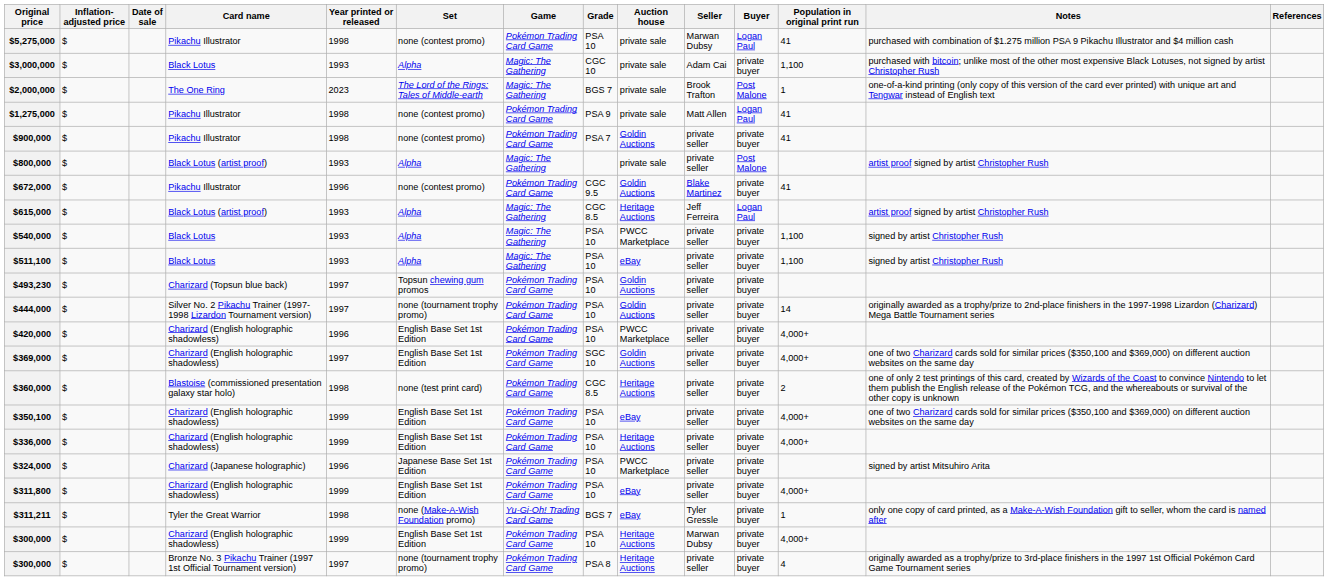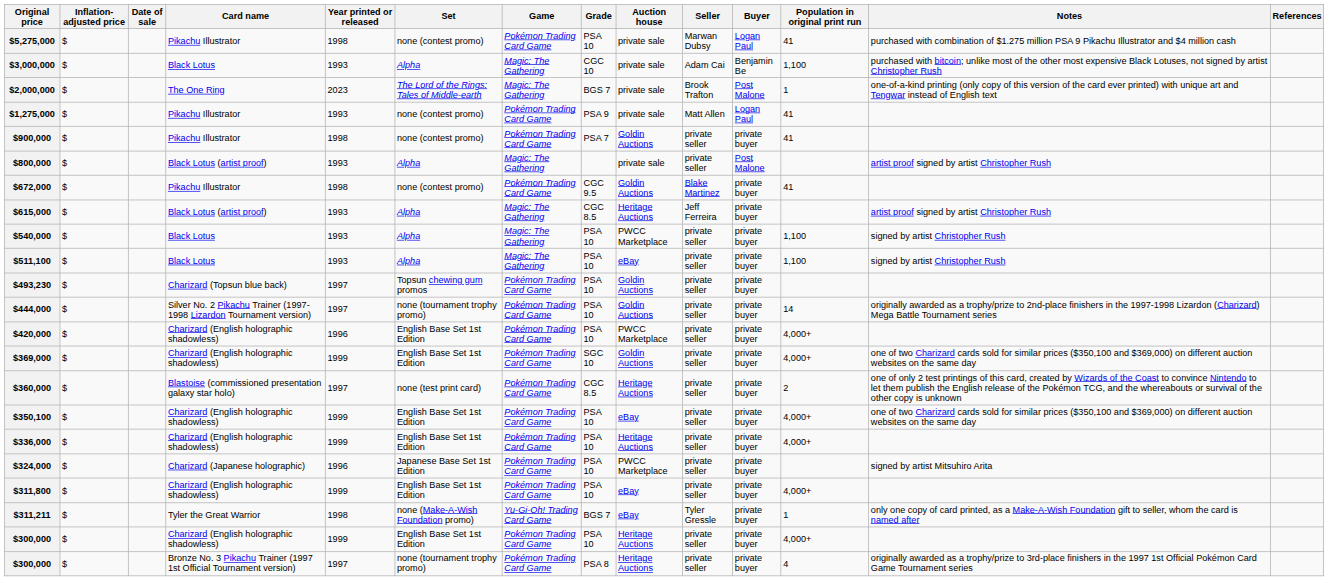 <table class="wikitable sortable" style="font-size:85%;">
 <tr>
 <th data-sort-type="currency">Original price</th>
 <th data-sort-type="currency">Inflation-adjusted price</th>
 <th>Date of sale</th>
 <th>Card name</th>
 <th>Year printed or released</th>
 <th>Set</th>
 <th>Game</th>
 <th>Grade</th>
 <th>Auction house</th>
 <th>Seller</th>
 <th>Buyer</th>
 <th>Population in original print run</th>
 <th>Notes</th>
 <th>References</th>
 </tr>
 <tr>
 <th>$5,275,000</th>
 <td>$</td>
 <td></td>
 <td><a href='#'>Pikachu</a> Illustrator</td>
 <td>1998</td>
 <td>none (contest promo)</td>
 <td><em><a href='#'>Pokémon Trading Card Game</a></em></td>
 <td>PSA 10</td>
 <td>private sale</td>
 <td>Marwan Dubsy</td>
 <td><a href='#'>Logan Paul</a></td>
 <td>41</td>
 <td>purchased with combination of $1.275 million PSA 9 Pikachu Illustrator and $4 million cash</td>
 <td><br>           </td>
 </tr>
 <tr>
 <th>$3,000,000</th>
 <td>$</td>
 <td></td>
 <td><a href='#'>Black Lotus</a></td>
 <td>1993</td>
 <td><em><a href='#'>Alpha</a></em></td>
 <td><em><a href='#'>Magic: The Gathering</a></em></td>
 <td>CGC 10</td>
 <td>private sale</td>
 <td>Adam Cai</td>
-<td>private buyer</td>
+<td>Benjamin Be</td>
 <td>1,100</td>
 <td>purchased with <a href='#'>bitcoin</a>; unlike most of the other most expensive Black Lotuses, not signed by artist <a href='#'>Christopher Rush</a></td>
 <td><br>      </td>
 </tr>
 <tr>
 <th>$2,000,000</th>
 <td>$</td>
 <td></td>
 <td><a href='#'>The One Ring</a></td>
 <td>2023</td>
 <td><em><a href='#'>The Lord of the Rings: Tales of Middle-earth</a></em></td>
 <td><em><a href='#'>Magic: The Gathering</a></em></td>
 <td>BGS 7</td>
 <td>private sale</td>
 <td>Brook Trafton</td>
 <td><a href='#'>Post Malone</a></td>
 <td>1</td>
 <td>one-of-a-kind printing (only copy of this version of the card ever printed) with unique art and <a href='#'>Tengwar</a> instead of English text</td>
 <td><br>    </td>
 </tr>
 <tr>
 <th>$1,275,000</th>
 <td>$</td>
 <td></td>
 <td><a href='#'>Pikachu</a> Illustrator</td>
-<td>1998</td>
+<td>1993</td>
 <td>none (contest promo)</td>
 <td><em><a href='#'>Pokémon Trading Card Game</a></em></td>
 <td>PSA 9</td>
 <td>private sale</td>
 <td>Matt Allen</td>
 <td><a href='#'>Logan Paul</a></td>
 <td>41</td>
 <td></td>
 <td><br>     </td>
 </tr>
 <tr>
 <th>$900,000</th>
 <td>$</td>
 <td></td>
 <td><a href='#'>Pikachu</a> Illustrator</td>
 <td>1998</td>
 <td>none (contest promo)</td>
 <td><em><a href='#'>Pokémon Trading Card Game</a></em></td>
 <td>PSA 7</td>
 <td><a href='#'>Goldin Auctions</a></td>
 <td>private seller</td>
 <td>private buyer</td>
 <td>41</td>
 <td></td>
 <td><br>   </td>
 </tr>
 <tr>
 <th>$800,000</th>
 <td>$</td>
 <td></td>
 <td><a href='#'>Black Lotus</a> (<a href='#'>artist proof</a>)</td>
 <td>1993</td>
 <td><em><a href='#'>Alpha</a></em></td>
 <td><em><a href='#'>Magic: The Gathering</a></em></td>
 <td></td>
 <td>private sale</td>
 <td>private seller</td>
 <td><a href='#'>Post Malone</a></td>
 <td></td>
 <td><a href='#'>artist proof</a> signed by artist <a href='#'>Christopher Rush</a></td>
 <td><br>  </td>
 </tr>
 <tr>
 <th>$672,000</th>
 <td>$</td>
 <td></td>
 <td><a href='#'>Pikachu</a> Illustrator</td>
-<td>1996</td>
+<td>1998</td>
 <td>none (contest promo)</td>
 <td><em><a href='#'>Pokémon Trading Card Game</a></em></td>
 <td>CGC 9.5</td>
 <td><a href='#'>Goldin Auctions</a></td>
 <td><a href='#'>Blake Martinez</a></td>
 <td>private buyer</td>
 <td>41</td>
 <td></td>
 <td><br>  </td>
 </tr>
 <tr>
 <th>$615,000</th>
 <td>$</td>
 <td></td>
 <td><a href='#'>Black Lotus</a> (<a href='#'>artist proof</a>)</td>
 <td>1993</td>
 <td><em><a href='#'>Alpha</a></em></td>
 <td><em><a href='#'>Magic: The Gathering</a></em></td>
 <td>CGC 8.5</td>
 <td><a href='#'>Heritage Auctions</a></td>
 <td>Jeff Ferreira</td>
-<td><a href='#'>Logan Paul</a></td>
+<td>private buyer</td>
 <td></td>
 <td><a href='#'>artist proof</a> signed by artist <a href='#'>Christopher Rush</a></td>
 <td><br>  </td>
 </tr>
 <tr>
 <th>$540,000</th>
 <td>$</td>
 <td></td>
 <td><a href='#'>Black Lotus</a></td>
 <td>1993</td>
 <td><em><a href='#'>Alpha</a></em></td>
 <td><em><a href='#'>Magic: The Gathering</a></em></td>
 <td>PSA 10</td>
 <td>PWCC Marketplace</td>
 <td>private seller</td>
 <td>private buyer</td>
 <td>1,100</td>
 <td>signed by artist <a href='#'>Christopher Rush</a></td>
 <td><br>    </td>
 </tr>
 <tr>
 <th>$511,100</th>
 <td>$</td>
 <td></td>
 <td><a href='#'>Black Lotus</a></td>
 <td>1993</td>
 <td><em><a href='#'>Alpha</a></em></td>
 <td><em><a href='#'>Magic: The Gathering</a></em></td>
 <td>PSA 10</td>
 <td><a href='#'>eBay</a></td>
 <td>private seller</td>
 <td>private buyer</td>
 <td>1,100</td>
 <td>signed by artist <a href='#'>Christopher Rush</a></td>
 <td><br>    </td>
 </tr>
 <tr>
 <th>$493,230</th>
 <td>$</td>
 <td></td>
 <td><a href='#'>Charizard</a> (Topsun blue back)</td>
 <td>1997</td>
 <td>Topsun <a href='#'>chewing gum</a> promos</td>
 <td><em><a href='#'>Pokémon Trading Card Game</a></em></td>
 <td>PSA 10</td>
 <td><a href='#'>Goldin Auctions</a></td>
 <td>private seller</td>
 <td>private buyer</td>
 <td></td>
 <td></td>
 <td><br>  </td>
 </tr>
 <tr>
 <th>$444,000</th>
 <td>$</td>
 <td></td>
 <td>Silver No. 2 <a href='#'>Pikachu</a> Trainer (1997-1998 <a href='#'>Lizardon</a> Tournament version)</td>
 <td>1997</td>
 <td>none (tournament trophy promo)</td>
 <td><em><a href='#'>Pokémon Trading Card Game</a></em></td>
 <td>PSA 10</td>
 <td><a href='#'>Goldin Auctions</a></td>
 <td>private seller</td>
 <td>private buyer</td>
 <td>14</td>
 <td>originally awarded as a trophy/prize to 2nd-place finishers in the 1997-1998 Lizardon (<a href='#'>Charizard</a>) Mega Battle Tournament series</td>
 <td><br>  </td>
 </tr>
 <tr>
 <th>$420,000</th>
 <td>$</td>
 <td></td>
 <td><a href='#'>Charizard</a> (English holographic shadowless)</td>
 <td>1996</td>
 <td>English Base Set 1st Edition</td>
 <td><em><a href='#'>Pokémon Trading Card Game</a></em></td>
 <td>PSA 10</td>
 <td>PWCC Marketplace</td>
 <td>private seller</td>
 <td>private buyer</td>
 <td>4,000+</td>
 <td></td>
 <td><br>    </td>
 </tr>
 <tr>
 <th>$369,000</th>
 <td>$</td>
 <td></td>
 <td><a href='#'>Charizard</a> (English holographic shadowless)</td>
-<td>1997</td>
+<td>1999</td>
 <td>English Base Set 1st Edition</td>
 <td><em><a href='#'>Pokémon Trading Card Game</a></em></td>
 <td>SGC 10</td>
 <td><a href='#'>Goldin Auctions</a></td>
 <td>private seller</td>
 <td>private buyer</td>
 <td>4,000+</td>
 <td>one of two <a href='#'>Charizard</a> cards sold for similar prices ($350,100 and $369,000) on different auction websites on the same day</td>
 <td><br>  </td>
 </tr>
 <tr>
 <th>$360,000</th>
 <td>$</td>
 <td></td>
 <td><a href='#'>Blastoise</a> (commissioned presentation galaxy star holo)</td>
-<td>1998</td>
+<td>1997</td>
 <td>none (test print card)</td>
 <td><em><a href='#'>Pokémon Trading Card Game</a></em></td>
 <td>CGC 8.5</td>
 <td><a href='#'>Heritage Auctions</a></td>
 <td>private seller</td>
 <td>private buyer</td>
 <td>2</td>
 <td>one of only 2 test printings of this card, created by <a href='#'>Wizards of the Coast</a> to convince <a href='#'>Nintendo</a> to let them publish the English release of the Pokémon TCG, and the whereabouts or survival of the other copy is unknown</td>
 <td><br>       </td>
 </tr>
 <tr>
 <th>$350,100</th>
 <td>$</td>
 <td></td>
 <td><a href='#'>Charizard</a> (English holographic shadowless)</td>
 <td>1999</td>
 <td>English Base Set 1st Edition</td>
 <td><em><a href='#'>Pokémon Trading Card Game</a></em></td>
 <td>PSA 10</td>
 <td><a href='#'>eBay</a></td>
 <td>private seller</td>
 <td>private buyer</td>
 <td>4,000+</td>
 <td>one of two <a href='#'>Charizard</a> cards sold for similar prices ($350,100 and $369,000) on different auction websites on the same day</td>
 <td><br>  </td>
 </tr>
 <tr>
 <th>$336,000</th>
 <td>$</td>
 <td></td>
 <td><a href='#'>Charizard</a> (English holographic shadowless)</td>
 <td>1999</td>
 <td>English Base Set 1st Edition</td>
 <td><em><a href='#'>Pokémon Trading Card Game</a></em></td>
 <td>PSA 10</td>
 <td><a href='#'>Heritage Auctions</a></td>
 <td>private seller</td>
 <td>private buyer</td>
 <td>4,000+</td>
 <td></td>
 <td><br>  </td>
 </tr>
 <tr>
 <th>$324,000</th>
 <td>$</td>
 <td></td>
 <td><a href='#'>Charizard</a> (Japanese holographic)</td>
 <td>1996</td>
 <td>Japanese Base Set 1st Edition</td>
 <td><em><a href='#'>Pokémon Trading Card Game</a></em></td>
 <td>PSA 10</td>
 <td>PWCC Marketplace</td>
 <td>private seller</td>
 <td>private buyer</td>
 <td></td>
 <td>signed by artist Mitsuhiro Arita</td>
 <td><br>  </td>
 </tr>
 <tr>
 <th>$311,800</th>
 <td>$</td>
 <td></td>
 <td><a href='#'>Charizard</a> (English holographic shadowless)</td>
 <td>1999</td>
 <td>English Base Set 1st Edition</td>
 <td><em><a href='#'>Pokémon Trading Card Game</a></em></td>
 <td>PSA 10</td>
 <td><a href='#'>eBay</a></td>
 <td>private seller</td>
 <td>private buyer</td>
 <td>4,000+</td>
 <td></td>
 <td><br>   </td>
 </tr>
 <tr>
 <th>$311,211</th>
 <td>$</td>
 <td></td>
 <td>Tyler the Great Warrior</td>
 <td>1998</td>
 <td>none (<a href='#'>Make-A-Wish Foundation</a> promo)</td>
 <td><em><a href='#'>Yu-Gi-Oh! Trading Card Game</a></em></td>
 <td>BGS 7</td>
 <td><a href='#'>eBay</a></td>
 <td>Tyler Gressle</td>
 <td>private buyer</td>
 <td>1</td>
 <td>only one copy of card printed, as a <a href='#'>Make-A-Wish Foundation</a> gift to seller, whom the card is <a href='#'>named after</a></td>
 <td><br>  </td>
 </tr>
 <tr>
 <th>$300,000</th>
 <td>$</td>
 <td></td>
 <td><a href='#'>Charizard</a> (English holographic shadowless)</td>
 <td>1999</td>
 <td>English Base Set 1st Edition</td>
 <td><em><a href='#'>Pokémon Trading Card Game</a></em></td>
 <td>PSA 10</td>
 <td><a href='#'>Heritage Auctions</a></td>
-<td>Marwan Dubsy</td>
+<td>private seller</td>
 <td>private buyer</td>
 <td>4,000+</td>
 <td></td>
 <td><br> </td>
 </tr>
 <tr>
 <th>$300,000</th>
 <td>$</td>
 <td></td>
 <td>Bronze No. 3 <a href='#'>Pikachu</a> Trainer (1997 1st Official Tournament version)</td>
 <td>1997</td>
 <td>none (tournament trophy promo)</td>
 <td><em><a href='#'>Pokémon Trading Card Game</a></em></td>
 <td>PSA 8</td>
 <td><a href='#'>Heritage Auctions</a></td>
 <td>private seller</td>
 <td>private buyer</td>
 <td>4</td>
 <td>originally awarded as a trophy/prize to 3rd-place finishers in the 1997 1st Official Pokémon Card Game Tournament series</td>
 <td><br>     </td>
 </tr>
 </table>
